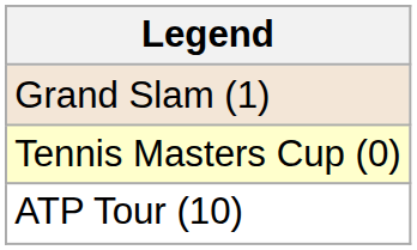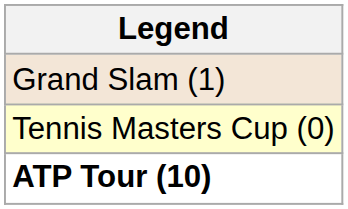 <table class="wikitable">
 <tr>
 <th>Legend</th>
 </tr>
 <tr style="background:#f3e6d7;">
 <td>Grand Slam (1)</td>
 </tr>
 <tr style="background:#ffc;">
 <td>Tennis Masters Cup (0)</td>
 </tr>
 <tr bgcolor="#ffffff">
-<td>ATP Tour (10)</td>
+<td><strong>ATP Tour (10)</strong></td>
 </tr>
 </table>
